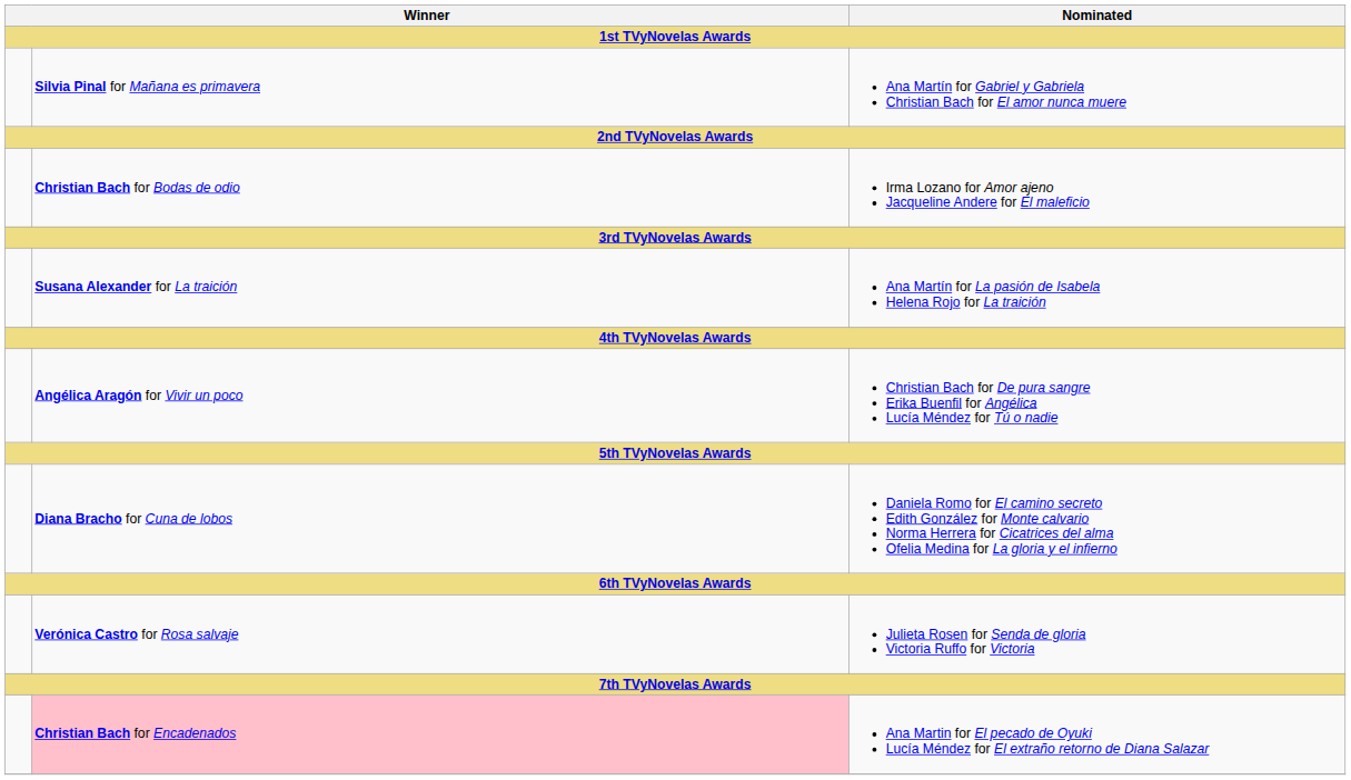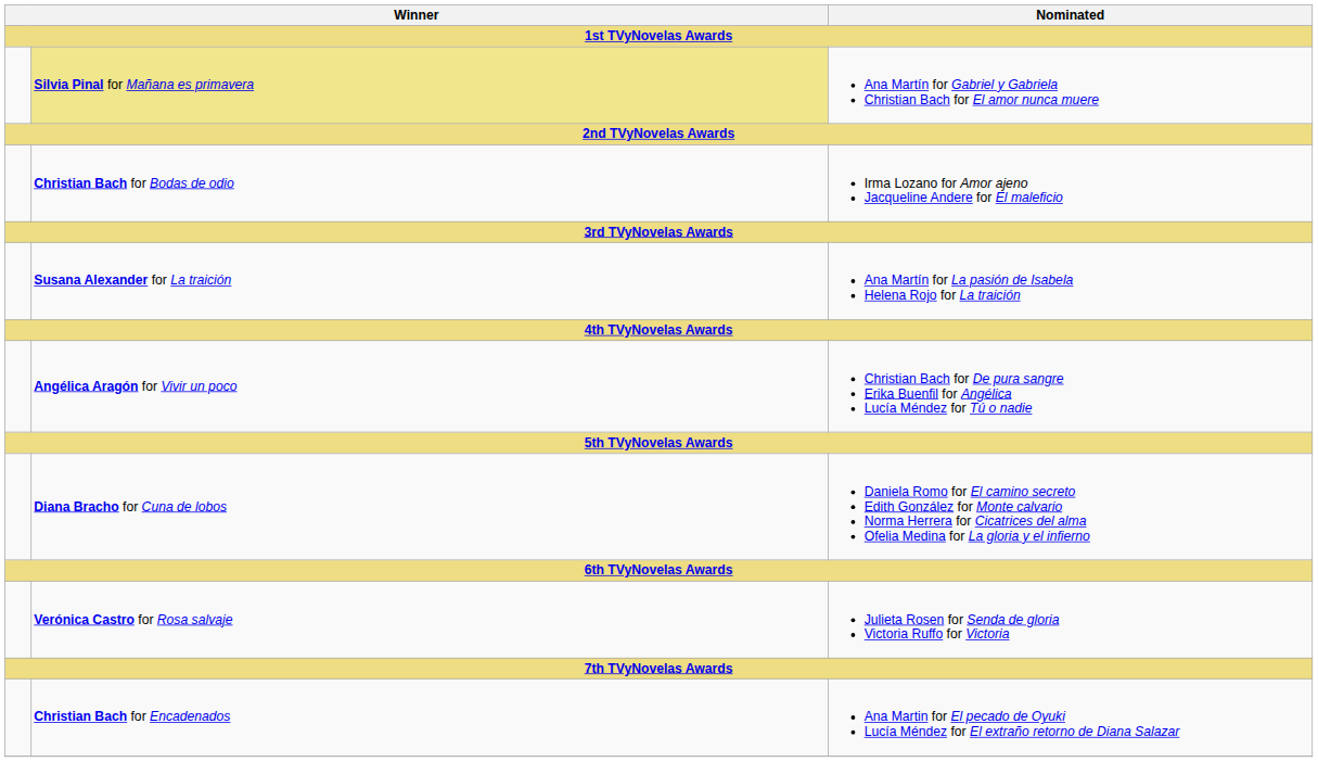 <table class="wikitable" width=80%>
 <tr align=center>
 <th width="150px;" colspan=2; align="center">Winner</th>
 <th width="580px;" align="center">Nominated</th>
 </tr>
 <tr>
 <th colspan=9 style="background:#EEDD82;"  align="center"><strong><a href='#'>1st TVyNovelas Awards</a></strong></th>
 </tr>
 <tr>
 <td width=2%></td>
-<td><strong><a href='#'>Silvia Pinal</a></strong> for <em><a href='#'>Mañana es primavera</a></em></td>
+<td style="background: khaki;"><strong><a href='#'>Silvia Pinal</a></strong> for <em><a href='#'>Mañana es primavera</a></em></td>
 <td><br><ul><li><a href='#'>Ana Martín</a> for <em><a href='#'>Gabriel y Gabriela</a></em></li><li><a href='#'>Christian Bach</a> for <em><a href='#'>El amor nunca muere</a></em></li></ul></td>
 </tr>
 <tr>
 <th colspan=9 style="background:#EEDD82;"  align="center"><strong><a href='#'>2nd TVyNovelas Awards</a></strong></th>
 </tr>
 <tr>
 <td width=2%></td>
 <td><strong><a href='#'>Christian Bach</a></strong> for <em><a href='#'>Bodas de odio</a></em></td>
 <td><br><ul><li>Irma Lozano for <em>Amor ajeno</em></li><li><a href='#'>Jacqueline Andere</a> for <em><a href='#'>El maleficio</a></em></li></ul></td>
 </tr>
 <tr>
 <th colspan=9 style="background:#EEDD82;"  align="center"><strong><a href='#'>3rd TVyNovelas Awards</a></strong></th>
 </tr>
 <tr>
 <td width=2%></td>
 <td><strong><a href='#'>Susana Alexander</a></strong> for <em><a href='#'>La traición</a></em></td>
 <td><br><ul><li><a href='#'>Ana Martín</a> for <em><a href='#'>La pasión de Isabela</a></em></li><li><a href='#'>Helena Rojo</a> for <em><a href='#'>La traición</a></em></li></ul></td>
 </tr>
 <tr>
 <th colspan=9 style="background:#EEDD82;"  align="center"><strong><a href='#'>4th TVyNovelas Awards</a></strong></th>
 </tr>
 <tr>
 <td width=2%></td>
 <td><strong><a href='#'>Angélica Aragón</a></strong> for <em><a href='#'>Vivir un poco</a></em></td>
 <td><br><ul><li><a href='#'>Christian Bach</a> for <em><a href='#'>De pura sangre</a></em></li><li><a href='#'>Erika Buenfil</a> for <em><a href='#'>Angélica</a></em></li><li><a href='#'>Lucía Méndez</a> for <em><a href='#'>Tú o nadie</a></em></li></ul></td>
 </tr>
 <tr>
 <th colspan=9 style="background:#EEDD82;"  align="center"><strong><a href='#'>5th TVyNovelas Awards</a></strong></th>
 </tr>
 <tr>
 <td width=2%></td>
 <td><strong><a href='#'>Diana Bracho</a></strong> for <em><a href='#'>Cuna de lobos</a></em></td>
 <td><br><ul><li><a href='#'>Daniela Romo</a> for <em><a href='#'>El camino secreto</a></em></li><li><a href='#'>Edith González</a> for <em><a href='#'>Monte calvario</a></em></li><li><a href='#'>Norma Herrera</a> for <em><a href='#'>Cicatrices del alma</a></em></li><li><a href='#'>Ofelia Medina</a> for <em><a href='#'>La gloria y el infierno</a></em></li></ul></td>
 </tr>
 <tr>
 <th colspan=9 style="background:#EEDD82;"  align="center"><strong><a href='#'>6th TVyNovelas Awards</a></strong></th>
 </tr>
 <tr>
 <td width=2%></td>
 <td><strong><a href='#'>Verónica Castro</a></strong> for <em><a href='#'>Rosa salvaje</a></em></td>
 <td><br><ul><li><a href='#'>Julieta Rosen</a> for <em><a href='#'>Senda de gloria</a></em></li><li><a href='#'>Victoria Ruffo</a> for <em><a href='#'>Victoria</a></em></li></ul></td>
 </tr>
 <tr>
 <th colspan=9 style="background:#EEDD82;"  align="center"><strong><a href='#'>7th TVyNovelas Awards</a></strong></th>
 </tr>
 <tr>
 <td width=2%></td>
-<td style="background: pink;"><strong><a href='#'>Christian Bach</a></strong> for <em><a href='#'>Encadenados</a></em></td>
+<td><strong><a href='#'>Christian Bach</a></strong> for <em><a href='#'>Encadenados</a></em></td>
 <td><br><ul><li><a href='#'>Ana Martin</a> for <em><a href='#'>El pecado de Oyuki</a></em></li><li><a href='#'>Lucía Méndez</a> for <em><a href='#'>El extraño retorno de Diana Salazar</a></em></li></ul></td>
 </tr>
 <tr>
 </tr>
 </table>
